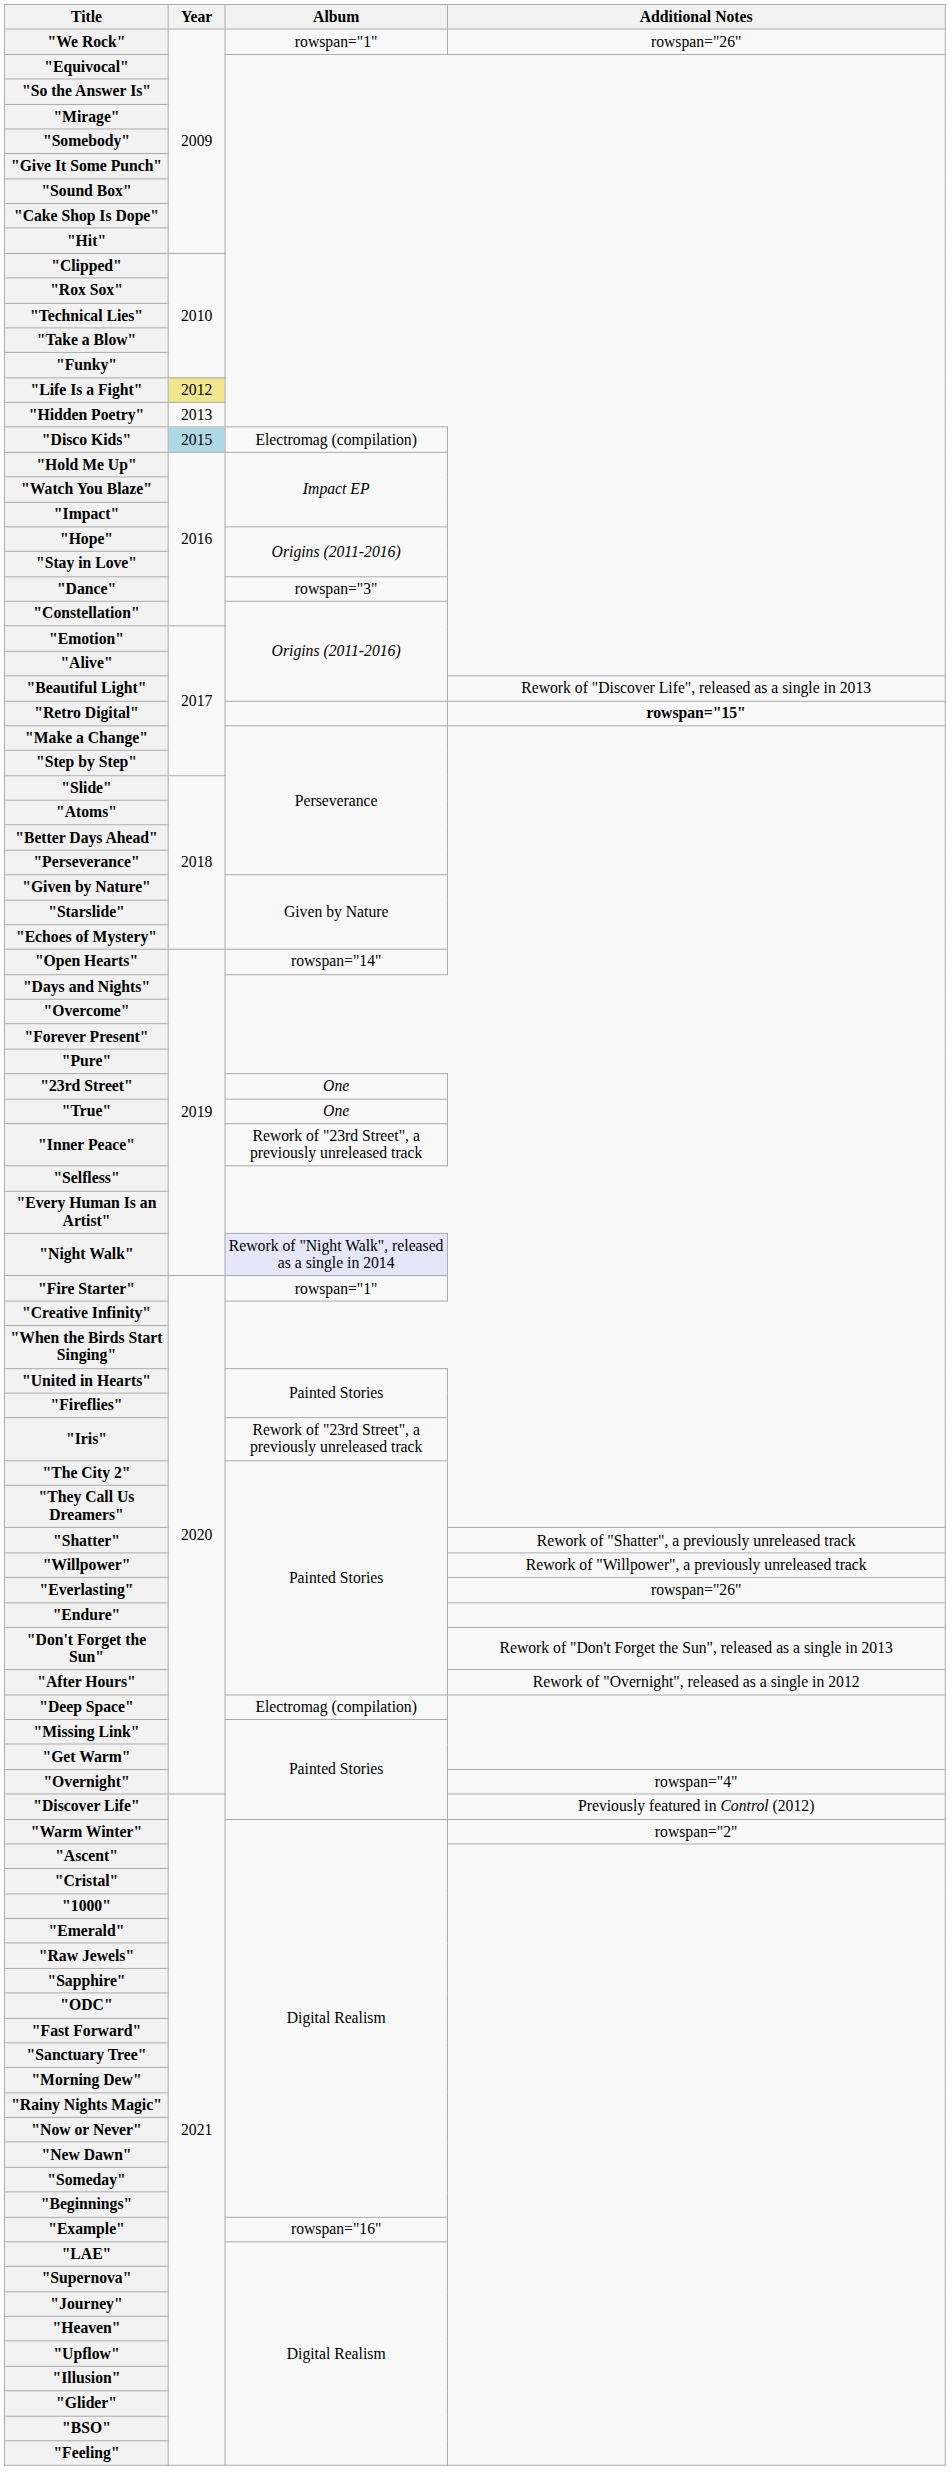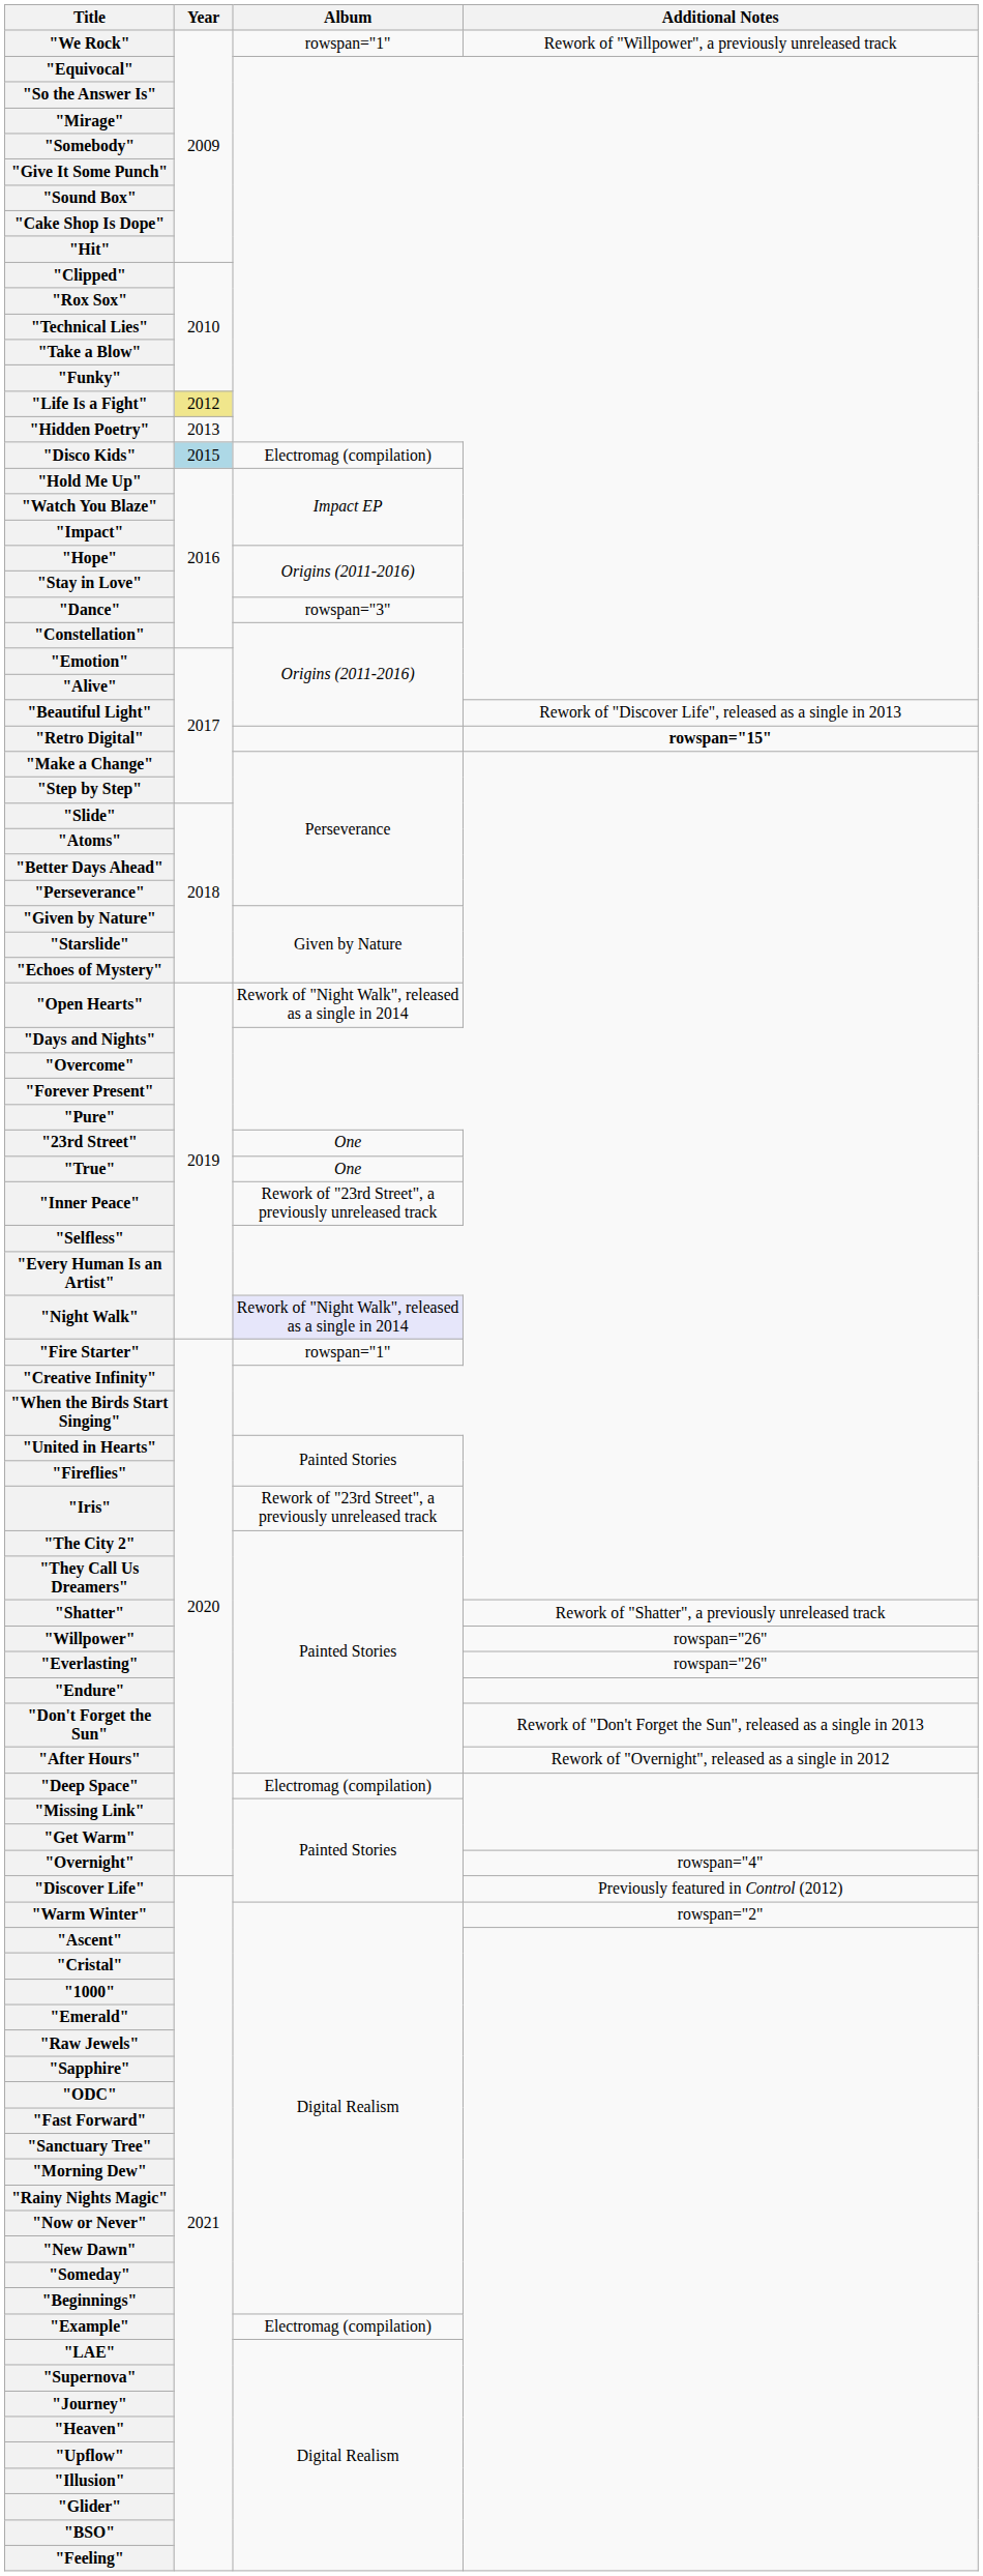 <table class="wikitable plainrowheaders" style="text-align:center;">
 <tr>
 <th scope="col" style="width:160px;">Title</th>
 <th scope="col" style="width:50px;">Year</th>
 <th scope="col" style="width:220px;">Album</th>
 <th scope="col" style="width:500px;">Additional Notes</th>
 </tr>
 <tr>
 <th scope="row">"We Rock"</th>
 <td rowspan="9">2009</td>
 <td>rowspan="1" </td>
-<td>rowspan="26" </td>
+<td rowspan="1">Rework of "Willpower", a previously unreleased track</td>
 </tr>
 <tr>
 <th scope="row">"Equivocal"</th>
 </tr>
 <tr>
 <th scope="row">"So the Answer Is"</th>
 </tr>
 <tr>
 <th scope="row">"Mirage"</th>
 </tr>
 <tr>
 <th scope="row">"Somebody"<br></th>
 </tr>
 <tr>
 <th scope="row">"Give It Some Punch"</th>
 </tr>
 <tr>
 <th scope="row">"Sound Box"</th>
 </tr>
 <tr>
 <th scope="row">"Cake Shop Is Dope"</th>
 </tr>
 <tr>
 <th scope="row">"Hit"</th>
 </tr>
 <tr>
 <th scope="row">"Clipped"</th>
 <td rowspan="5">2010</td>
 </tr>
 <tr>
 <th scope="row">"Rox Sox"</th>
 </tr>
 <tr>
 <th scope="row">"Technical Lies"</th>
 </tr>
 <tr>
 <th scope="row">"Take a Blow"</th>
 </tr>
 <tr>
 <th scope="row">"Funky"</th>
 </tr>
 <tr>
 <th scope="row">"Life Is a Fight"</th>
 <td style="background: khaki;">2012</td>
 </tr>
 <tr>
 <th scope="row">"Hidden Poetry"</th>
 <td>2013</td>
 </tr>
 <tr>
 <th scope="row">"Disco Kids"</th>
 <td style="background: lightblue;">2015</td>
 <td></em>Electromag (compilation)<em></td>
 </tr>
 <tr>
 <th scope="row">"Hold Me Up"<br></th>
 <td rowspan="7">2016</td>
 <td rowspan="3"><em>Impact EP</em></td>
 </tr>
 <tr>
 <th scope="row">"Watch You Blaze"<br></th>
 </tr>
 <tr>
 <th scope="row">"Impact"</th>
 </tr>
 <tr>
 <th scope="row">"Hope"</th>
 <td rowspan="2"><em>Origins (2011-2016)</em></td>
 </tr>
 <tr>
 <th scope="row">"Stay in Love"<br></th>
 </tr>
 <tr>
 <th scope="row">"Dance"</th>
 <td>rowspan="3" </td>
 </tr>
 <tr>
 <th scope="row">"Constellation"</th>
 <td rowspan="4"><em>Origins (2011-2016)</em></td>
 </tr>
 <tr>
 <th scope="row">"Emotion"</th>
 <td rowspan="6">2017</td>
 </tr>
 <tr>
 <th scope="row">"Alive"</th>
 </tr>
 <tr>
 <th scope="row">"Beautiful Light"</th>
 <td rowspan="1">Rework of "Discover Life", released as a single in 2013</td>
 </tr>
 <tr>
 <th scope="row">"Retro Digital"</th>
 <td></td>
 <td><strong>rowspan="15" </strong></td>
 </tr>
 <tr>
 <th scope="row">"Make a Change"</th>
 <td rowspan="6"></em>Perseverance<em></td>
 </tr>
 <tr>
 <th scope="row">"Step by Step"<br></th>
 </tr>
 <tr>
 <th scope="row">"Slide"<br></th>
 <td rowspan="7">2018</td>
 </tr>
 <tr>
 <th scope="row">"Atoms"<br></th>
 </tr>
 <tr>
 <th scope="row">"Better Days Ahead"</th>
 </tr>
 <tr>
 <th scope="row">"Perseverance"<br></th>
 </tr>
 <tr>
 <th scope="row">"Given by Nature"</th>
 <td rowspan="3"></em>Given by Nature<em></td>
 </tr>
 <tr>
 <th scope="row">"Starslide"</th>
 </tr>
 <tr>
 <th scope="row">"Echoes of Mystery"</th>
 </tr>
 <tr>
 <th scope="row">"Open Hearts"</th>
 <td rowspan="11">2019</td>
-<td>rowspan="14" </td>
+<td rowspan="1">Rework of "Night Walk", released as a single in 2014</td>
 </tr>
 <tr>
 <th scope="row">"Days and Nights"<br></th>
 </tr>
 <tr>
 <th scope="row">"Overcome"</th>
 </tr>
 <tr>
 <th scope="row">"Forever Present"</th>
 </tr>
 <tr>
 <th scope="row">"Pure"<br></th>
 </tr>
 <tr>
 <th scope="row">"23rd Street"</th>
 <td rowspan="1"><em>One</em></td>
 </tr>
 <tr>
 <th scope="row">"True"</th>
 <td rowspan="1"><em>One</em></td>
 </tr>
 <tr>
 <th scope="row">"Inner Peace"</th>
 <td rowspan="1">Rework of "23rd Street", a previously unreleased track</td>
 </tr>
 <tr>
 <th scope="row">"Selfless"</th>
 </tr>
 <tr>
 <th scope="row">"Every Human Is an Artist"</th>
 </tr>
 <tr>
 <th scope="row">"Night Walk"</th>
 <td rowspan="1" style="background: lavender;">Rework of "Night Walk", released as a single in 2014</td>
 </tr>
 <tr>
 <th scope="row">"Fire Starter"</th>
 <td rowspan="18">2020</td>
 <td>rowspan="1" </td>
 </tr>
 <tr>
 <th scope="row">"Creative Infinity"</th>
 </tr>
 <tr>
 <th scope="row">"When the Birds Start Singing"</th>
 </tr>
 <tr>
 <th scope="row">"United in Hearts"</th>
 <td rowspan="2"></em>Painted Stories<em></td>
 </tr>
 <tr>
 <th scope="row">"Fireflies"</th>
 </tr>
 <tr>
 <th scope="row">"Iris"<br></th>
 <td rowspan="1">Rework of "23rd Street", a previously unreleased track</td>
 </tr>
 <tr>
 <th scope="row">"The City 2"</th>
 <td rowspan="8"></em>Painted Stories<em></td>
 </tr>
 <tr>
 <th scope="row">"They Call Us Dreamers"</th>
 </tr>
 <tr>
 <th scope="row">"Shatter"</th>
 <td rowspan="1">Rework of "Shatter", a previously unreleased track</td>
 </tr>
 <tr>
 <th scope="row">"Willpower"</th>
-<td rowspan="1">Rework of "Willpower", a previously unreleased track</td>
+<td>rowspan="26" </td>
 </tr>
 <tr>
 <th scope="row">"Everlasting"</th>
 <td>rowspan="26" </td>
 </tr>
 <tr>
 <th scope="row">"Endure"</th>
 </tr>
 <tr>
 <th scope="row">"Don't Forget the Sun"</th>
 <td rowspan="1">Rework of "Don't Forget the Sun", released as a single in 2013</td>
 </tr>
 <tr>
 <th scope="row">"After Hours"</th>
 <td rowspan="1">Rework of "Overnight", released as a single in 2012</td>
 </tr>
 <tr>
 <th scope="row">"Deep Space"<br></th>
 <td></em>Electromag (compilation)<em></td>
 </tr>
 <tr>
 <th scope="row">"Missing Link"</th>
 <td rowspan="4"></em>Painted Stories<em></td>
 </tr>
 <tr>
 <th scope="row">"Get Warm"</th>
 </tr>
 <tr>
 <th scope="row">"Overnight"</th>
 <td>rowspan="4" </td>
 </tr>
 <tr>
 <th scope="row">"Discover Life"</th>
 <td rowspan="27">2021</td>
 <td rowspan="1">Previously featured in <em>Control</em> (2012)<em></td>
 </tr>
 <tr>
 <th scope="row">"Warm Winter"<br></th>
 <td rowspan="16"></em>Digital Realism<em></td>
 <td>rowspan="2" </td>
 </tr>
 <tr>
 <th scope="row">"Ascent"<br></th>
 </tr>
 <tr>
 <th scope="row">"Cristal"<br></th>
 </tr>
 <tr>
 <th scope="row">"1000"<br></th>
 </tr>
 <tr>
 <th scope="row">"Emerald"<br></th>
 </tr>
 <tr>
 <th scope="row">"Raw Jewels"<br></th>
 </tr>
 <tr>
 <th scope="row">"Sapphire"<br></th>
 </tr>
 <tr>
 <th scope="row">"ODC"<br></th>
 </tr>
 <tr>
 <th scope="row">"Fast Forward"</th>
 </tr>
 <tr>
 <th scope="row">"Sanctuary Tree"<br></th>
 </tr>
 <tr>
 <th scope="row">"Morning Dew"</th>
 </tr>
 <tr>
 <th scope="row">"Rainy Nights Magic"</th>
 </tr>
 <tr>
 <th scope="row">"Now or Never"</th>
 </tr>
 <tr>
 <th scope="row">"New Dawn"</th>
 </tr>
 <tr>
 <th scope="row">"Someday"</th>
 </tr>
 <tr>
 <th scope="row">"Beginnings"</th>
 </tr>
 <tr>
 <th scope="row">"Example"<br></th>
-<td>rowspan="16" </td>
+<td></em>Electromag (compilation)<em></td>
 </tr>
 <tr>
 <th scope="row">"LAE"<br></th>
 <td rowspan="9"></em>Digital Realism<em></td>
 </tr>
 <tr>
 <th scope="row">"Supernova"</th>
 </tr>
 <tr>
 <th scope="row">"Journey"</th>
 </tr>
 <tr>
 <th scope="row">"Heaven"</th>
 </tr>
 <tr>
 <th scope="row">"Upflow"</th>
 </tr>
 <tr>
 <th scope="row">"Illusion"</th>
 </tr>
 <tr>
 <th scope="row">"Glider" <br></th>
 </tr>
 <tr>
 <th scope="row">"BSO" <br></th>
 </tr>
 <tr>
 <th scope="row">"Feeling"<br></th>
 </tr>
 </table>
